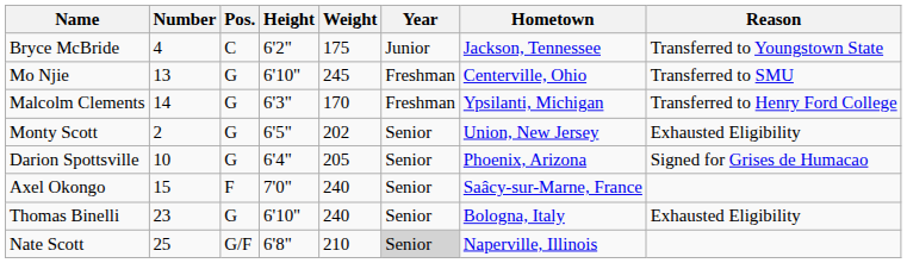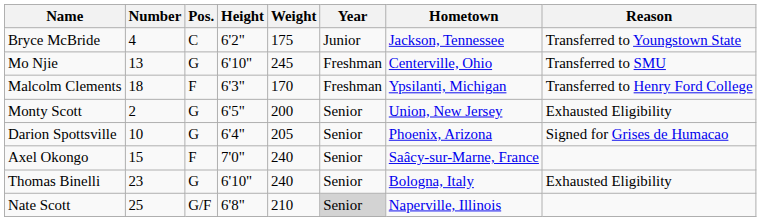 <table class="wikitable sortable" border="1">
 <tr align=center>
 <th style="background:#">Name</th>
 <th style="background:#">Number</th>
 <th style="background:#">Pos.</th>
 <th style="background:#">Height</th>
 <th style="background:#">Weight</th>
 <th style="background:#">Year</th>
 <th style="background:#">Hometown</th>
 <th style="background:#">Reason</th>
 </tr>
 <tr>
 <td>Bryce McBride</td>
 <td>4</td>
 <td>C</td>
 <td>6'2"</td>
 <td>175</td>
 <td>Junior</td>
 <td><a href='#'>Jackson, Tennessee</a></td>
 <td>Transferred to <a href='#'>Youngstown State</a></td>
 </tr>
 <tr>
 <td>Mo Njie</td>
 <td>13</td>
 <td>G</td>
 <td>6'10"</td>
 <td>245</td>
 <td>Freshman</td>
 <td><a href='#'>Centerville, Ohio</a></td>
 <td>Transferred to <a href='#'>SMU</a></td>
 </tr>
 <tr>
 <td>Malcolm Clements</td>
-<td>14</td>
-<td>G</td>
+<td>18</td>
+<td>F</td>
 <td>6'3"</td>
 <td>170</td>
 <td>Freshman</td>
 <td><a href='#'>Ypsilanti, Michigan</a></td>
 <td>Transferred to <a href='#'>Henry Ford College</a></td>
 </tr>
 <tr>
 <td>Monty Scott</td>
 <td>2</td>
 <td>G</td>
 <td>6'5"</td>
-<td>202</td>
+<td>200</td>
 <td>Senior</td>
 <td><a href='#'>Union, New Jersey</a></td>
 <td>Exhausted Eligibility</td>
 </tr>
 <tr>
 <td>Darion Spottsville</td>
 <td>10</td>
 <td>G</td>
 <td>6'4"</td>
 <td>205</td>
 <td>Senior</td>
 <td><a href='#'>Phoenix, Arizona</a></td>
 <td>Signed for <a href='#'>Grises de Humacao</a></td>
 </tr>
 <tr>
 <td>Axel Okongo</td>
 <td>15</td>
 <td>F</td>
 <td>7'0"</td>
 <td>240</td>
 <td>Senior</td>
 <td><a href='#'>Saâcy-sur-Marne, France</a></td>
 <td></td>
 </tr>
 <tr>
 <td>Thomas Binelli</td>
 <td>23</td>
 <td>G</td>
 <td>6'10"</td>
 <td>240</td>
 <td>Senior</td>
 <td><a href='#'>Bologna, Italy</a></td>
 <td>Exhausted Eligibility</td>
 </tr>
 <tr>
 <td>Nate Scott</td>
 <td>25</td>
 <td>G/F</td>
 <td>6'8"</td>
 <td>210</td>
 <td style="background: lightgrey;">Senior</td>
 <td><a href='#'>Naperville, Illinois</a></td>
 <td></td>
 </tr>
 </table>
